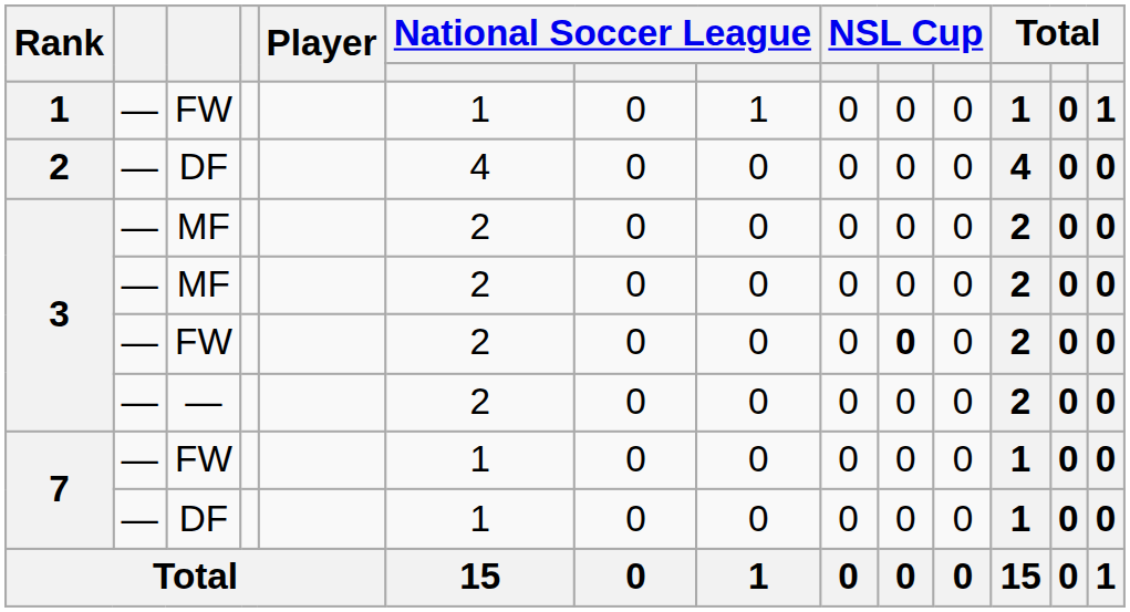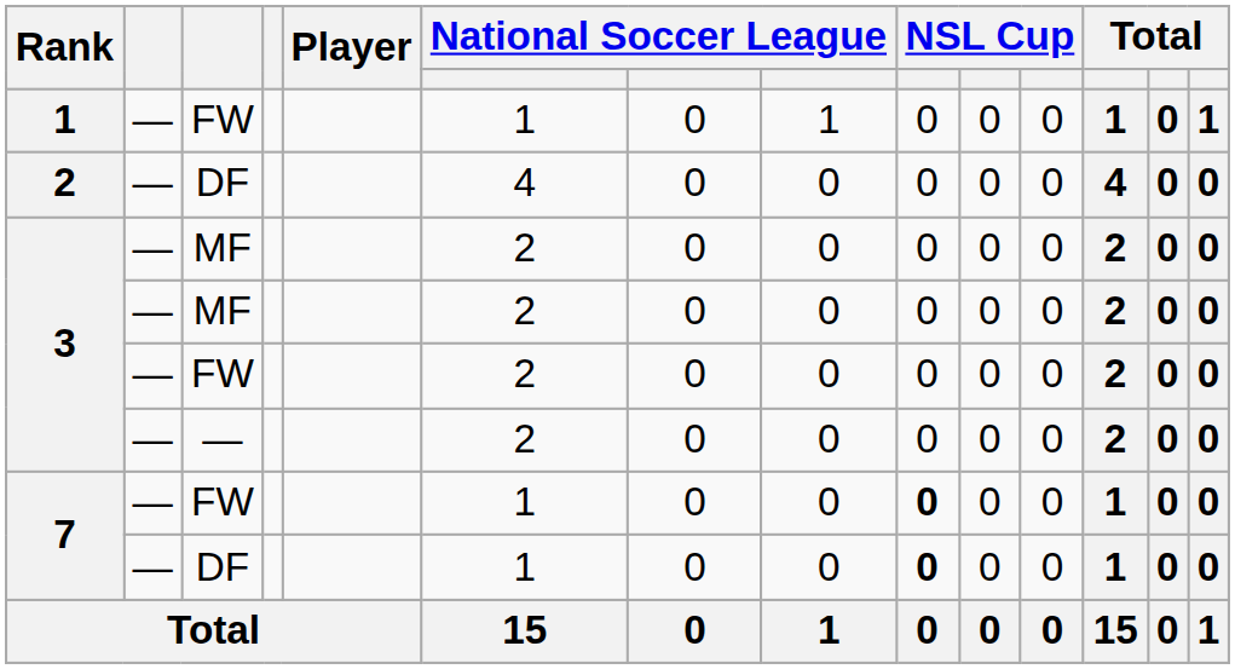 <table class="wikitable sortable" style="text-align:center">
 <tr>
 <th rowspan="2">Rank</th>
 <th rowspan="2"></th>
 <th rowspan="2"></th>
 <th rowspan="2"></th>
 <th rowspan="2">Player</th>
 <th colspan="3"><a href='#'>National Soccer League</a></th>
 <th colspan="3"><a href='#'>NSL Cup</a></th>
 <th colspan="3">Total</th>
 </tr>
 <tr>
 <th></th>
 <th></th>
 <th></th>
 <th></th>
 <th></th>
 <th></th>
 <th></th>
 <th></th>
 <th></th>
 </tr>
 <tr>
 <th>1</th>
 <td>—</td>
 <td>FW</td>
 <td></td>
 <td align="left"><br></td>
 <td>1</td>
 <td>0</td>
 <td>1<br></td>
 <td>0</td>
 <td>0</td>
 <td>0<br></td>
 <th>1</th>
 <th>0</th>
 <th>1</th>
 </tr>
 <tr>
 <th>2</th>
 <td>—</td>
 <td>DF</td>
 <td></td>
 <td align="left"><br></td>
 <td>4</td>
 <td>0</td>
 <td>0<br></td>
 <td>0</td>
 <td>0</td>
 <td>0<br></td>
 <th>4</th>
 <th>0</th>
 <th>0</th>
 </tr>
 <tr>
 <th rowspan="4">3</th>
 <td>—</td>
 <td>MF</td>
 <td></td>
 <td align="left"><br></td>
 <td>2</td>
 <td>0</td>
 <td>0<br></td>
 <td>0</td>
 <td>0</td>
 <td>0<br></td>
 <th>2</th>
 <th>0</th>
 <th>0</th>
 </tr>
 <tr>
 <td>—</td>
 <td>MF</td>
 <td></td>
 <td align="left"><br></td>
 <td>2</td>
 <td>0</td>
 <td>0<br></td>
 <td>0</td>
 <td>0</td>
 <td>0<br></td>
 <th>2</th>
 <th>0</th>
 <th>0</th>
 </tr>
 <tr>
 <td>—</td>
 <td>FW</td>
 <td></td>
 <td align="left"><br></td>
 <td>2</td>
 <td>0</td>
 <td>0<br></td>
 <td>0</td>
-<td><strong>0</strong></td>
+<td>0</td>
 <td>0<br></td>
 <th>2</th>
 <th>0</th>
 <th>0</th>
 </tr>
 <tr>
 <td>—</td>
 <td>—</td>
 <td></td>
 <td align="left"><br></td>
 <td>2</td>
 <td>0</td>
 <td>0<br></td>
 <td>0</td>
 <td>0</td>
 <td>0<br></td>
 <th>2</th>
 <th>0</th>
 <th>0</th>
 </tr>
 <tr>
 <th rowspan="2">7</th>
 <td>—</td>
 <td>FW</td>
 <td></td>
 <td align="left"><br></td>
 <td>1</td>
 <td>0</td>
 <td>0<br></td>
-<td>0</td>
+<td><strong>0</strong></td>
 <td>0</td>
 <td>0<br></td>
 <th>1</th>
 <th>0</th>
 <th>0</th>
 </tr>
 <tr>
 <td>—</td>
 <td>DF</td>
 <td></td>
 <td align="left"><br></td>
 <td>1</td>
 <td>0</td>
 <td>0<br></td>
-<td>0</td>
+<td><strong>0</strong></td>
 <td>0</td>
 <td>0<br></td>
 <th>1</th>
 <th>0</th>
 <th>0</th>
 </tr>
 <tr>
 <th colspan="5">Total<br></th>
 <th>15</th>
 <th>0</th>
 <th>1<br></th>
 <th>0</th>
 <th>0</th>
 <th>0<br></th>
 <th>15</th>
 <th>0</th>
 <th>1</th>
 </tr>
 </table>
